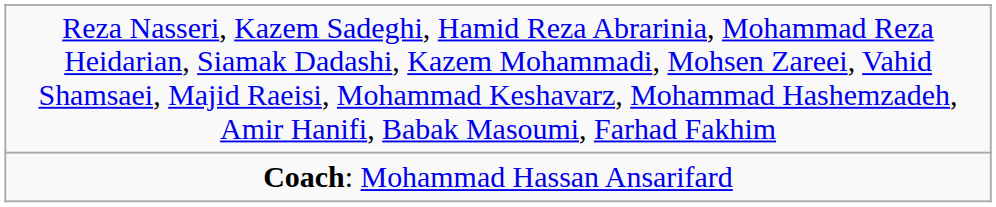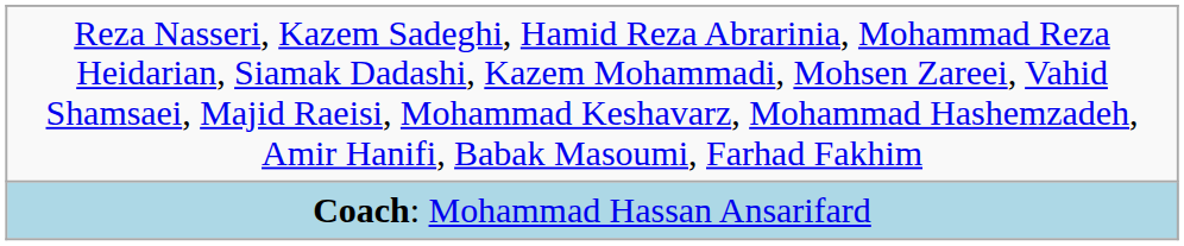 <table class="wikitable" style="text-align:center; width:33em; margin:0.5em auto;">
 <tr>
 <td><a href='#'>Reza Nasseri</a>, <a href='#'>Kazem Sadeghi</a>, <a href='#'>Hamid Reza Abrarinia</a>, <a href='#'>Mohammad Reza Heidarian</a>, <a href='#'>Siamak Dadashi</a>, <a href='#'>Kazem Mohammadi</a>, <a href='#'>Mohsen Zareei</a>, <a href='#'>Vahid Shamsaei</a>, <a href='#'>Majid Raeisi</a>, <a href='#'>Mohammad Keshavarz</a>, <a href='#'>Mohammad Hashemzadeh</a>, <a href='#'>Amir Hanifi</a>, <a href='#'>Babak Masoumi</a>, <a href='#'>Farhad Fakhim</a></td>
 </tr>
 <tr>
-<td><strong>Coach</strong>:  <a href='#'>Mohammad Hassan Ansarifard</a></td>
+<td style="background: lightblue;"><strong>Coach</strong>:  <a href='#'>Mohammad Hassan Ansarifard</a></td>
 </tr>
 </table>
